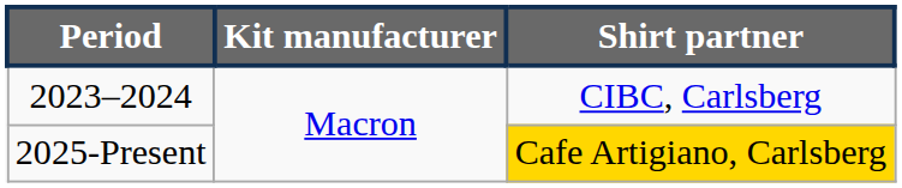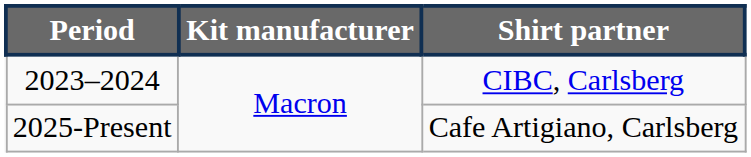 <table class="wikitable" style="text-align: center">
 <tr>
 <th style="background:#696969; color:#FFF; border:2px solid #102F52;" scope="col">Period</th>
 <th style="background:#696969; color:#FFF; border:2px solid #102F52;" scope="col">Kit manufacturer</th>
 <th style="background:#696969; color:#FFF; border:2px solid #102F52;" scope="col">Shirt partner</th>
 </tr>
 <tr>
 <td>2023–2024</td>
 <td rowspan="2"><a href='#'>Macron</a></td>
 <td><a href='#'>CIBC</a>, <a href='#'>Carlsberg</a></td>
 </tr>
 <tr>
 <td>2025-Present</td>
-<td style="background: gold;">Cafe Artigiano, Carlsberg</td>
+<td>Cafe Artigiano, Carlsberg</td>
 </tr>
 </table>
